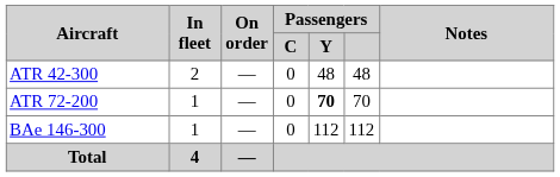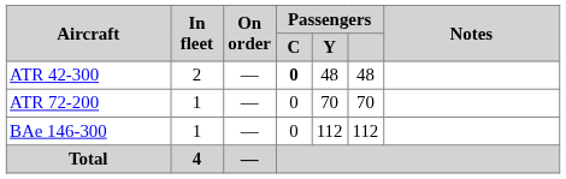 <table class="toccolours" border="1" cellpadding="3" style="border-collapse:collapse;margin:1em auto;">
 <tr style="background:lightgrey;">
 <th rowspan="2" style="width:140px;">Aircraft</th>
 <th rowspan="2" style="width:40px;">In fleet</th>
 <th rowspan="2" style="width:40px;">On order</th>
 <th colspan="3" class="unsortable">Passengers</th>
 <th rowspan="2" style="width:150px;">Notes</th>
 </tr>
 <tr style="background:lightgrey;">
 <th style="width:25px;"><abbr>C</abbr></th>
 <th style="width:25px;"><abbr>Y</abbr></th>
 <th style="width:25px;"></th>
 </tr>
 <tr>
 <td><a href='#'>ATR 42-300</a></td>
 <td align=center>2</td>
 <td align=center>—</td>
-<td align=center>0</td>
+<td align=center><strong>0</strong></td>
 <td align=center>48</td>
 <td align=center>48</td>
 <td></td>
 </tr>
 <tr>
 <td><a href='#'>ATR 72-200</a></td>
 <td align=center>1</td>
 <td align=center>—</td>
 <td align=center>0</td>
-<td align=center><strong>70</strong></td>
+<td align=center>70</td>
 <td align=center>70</td>
 <td></td>
 </tr>
 <tr>
 <td><a href='#'>BAe 146-300</a></td>
 <td align=center>1</td>
 <td align=center>—</td>
 <td align=center>0</td>
 <td align=center>112</td>
 <td align=center>112</td>
 <td></td>
 </tr>
 <tr style="background:lightgrey;">
 <th>Total</th>
 <th>4</th>
 <th>—</th>
 <th colspan=5></th>
 </tr>
 </table>
